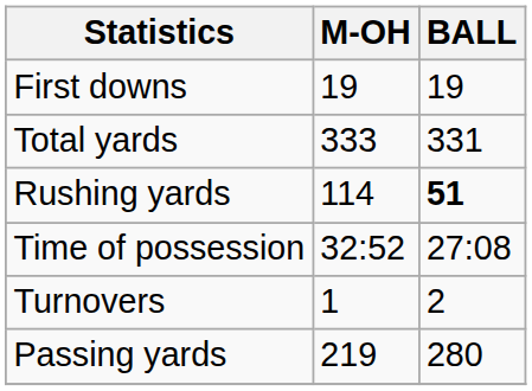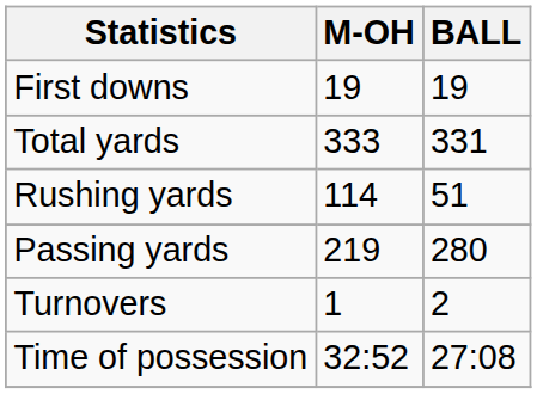 <table class="wikitable" style="float: left;">
 <tr>
 <th>Statistics</th>
 <th>M-OH</th>
 <th>BALL</th>
 </tr>
 <tr>
 <td>First downs</td>
 <td>19</td>
 <td>19</td>
 </tr>
 <tr>
 <td>Total yards</td>
 <td>333</td>
 <td>331</td>
 </tr>
 <tr>
 <td>Rushing yards</td>
 <td>114</td>
-<td><strong>51</strong></td>
+<td>51</td>
+</tr>
+<tr>
+<td>Passing yards</td>
+<td>219</td>
+<td>280</td>
+</tr>
+<tr>
+<td>Turnovers</td>
+<td>1</td>
+<td>2</td>
 </tr>
 <tr>
 <td>Time of possession</td>
 <td>32:52</td>
 <td>27:08</td>
 </tr>
 <tr>
-<td>Turnovers</td>
-<td>1</td>
-<td>2</td>
-</tr>
-<tr>
-<td>Passing yards</td>
-<td>219</td>
-<td>280</td>
-</tr>
-<tr>
 </tr>
 </table>
